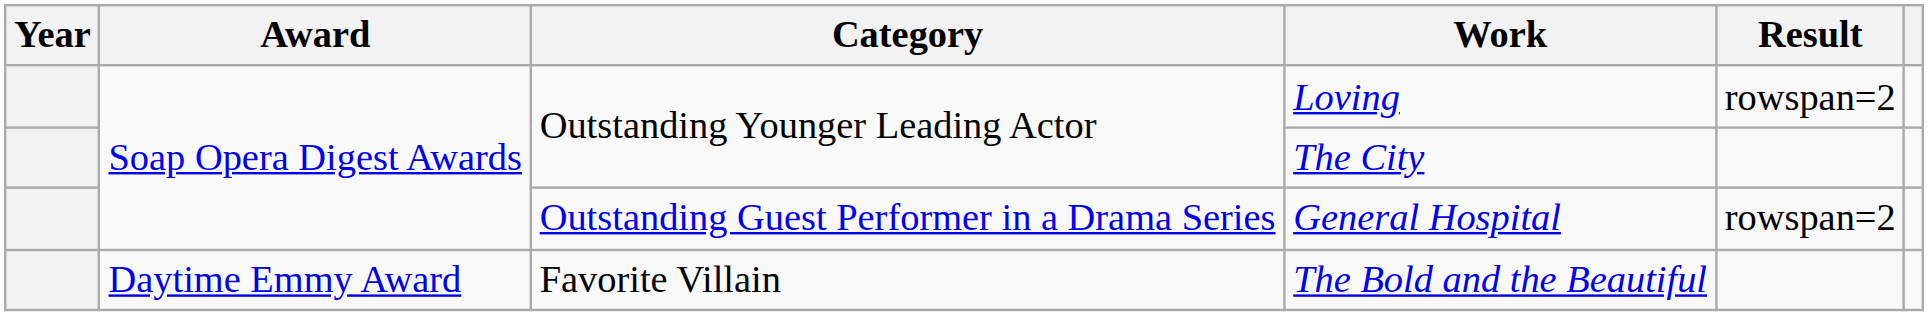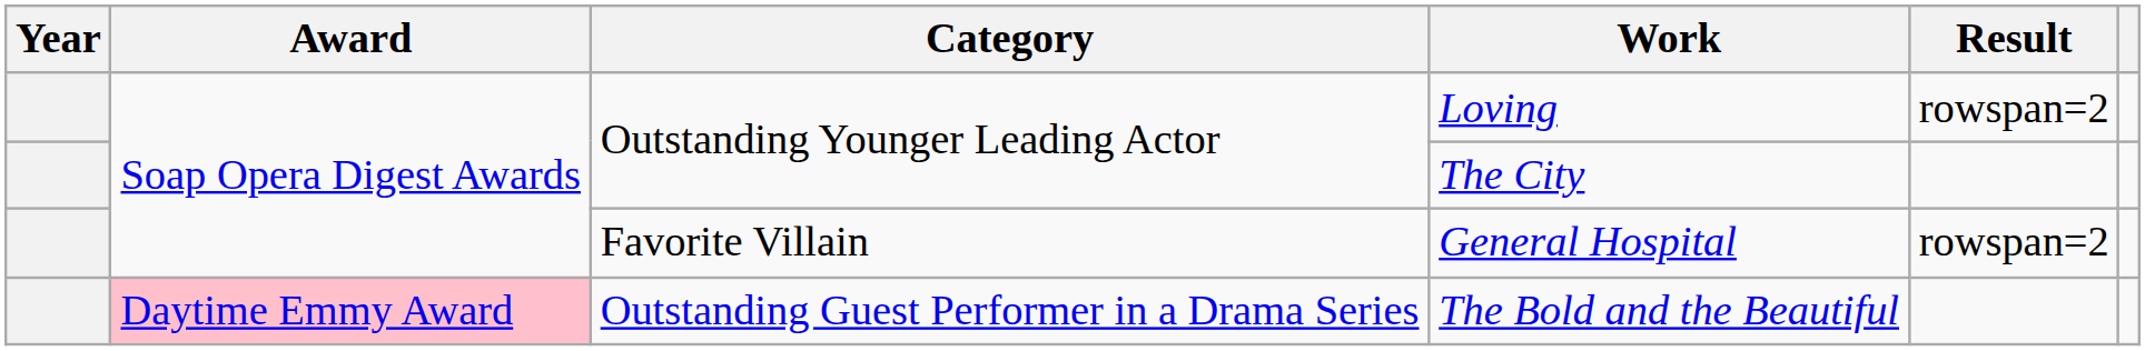 <table class="wikitable sortable plainrowheaders">
 <tr>
 <th scope="col">Year</th>
 <th scope="col">Award</th>
 <th scope="col">Category</th>
 <th scope="col">Work</th>
 <th scope="col">Result</th>
 <th scope="col" class="unsortable"></th>
 </tr>
 <tr>
 <th scope="row"></th>
 <td rowspan=3><a href='#'>Soap Opera Digest Awards</a></td>
 <td rowspan=2>Outstanding Younger Leading Actor</td>
 <td><em><a href='#'>Loving</a></em></td>
 <td>rowspan=2 </td>
 <td></td>
 </tr>
 <tr>
 <th scope="row"></th>
 <td><em> <a href='#'>The City</a></em></td>
 <td></td>
 </tr>
 <tr>
 <th scope="row"></th>
-<td><a href='#'>Outstanding Guest Performer in a Drama Series</a></td>
+<td>Favorite Villain</td>
 <td><em><a href='#'>General Hospital</a></em></td>
 <td>rowspan=2 </td>
 <td></td>
 </tr>
 <tr>
 <th scope="row"></th>
-<td><a href='#'>Daytime Emmy Award</a></td>
-<td>Favorite Villain</td>
+<td style="background: pink;"><a href='#'>Daytime Emmy Award</a></td>
+<td><a href='#'>Outstanding Guest Performer in a Drama Series</a></td>
 <td><em><a href='#'>The Bold and the Beautiful</a></em></td>
 <td></td>
 </tr>
 </table>
